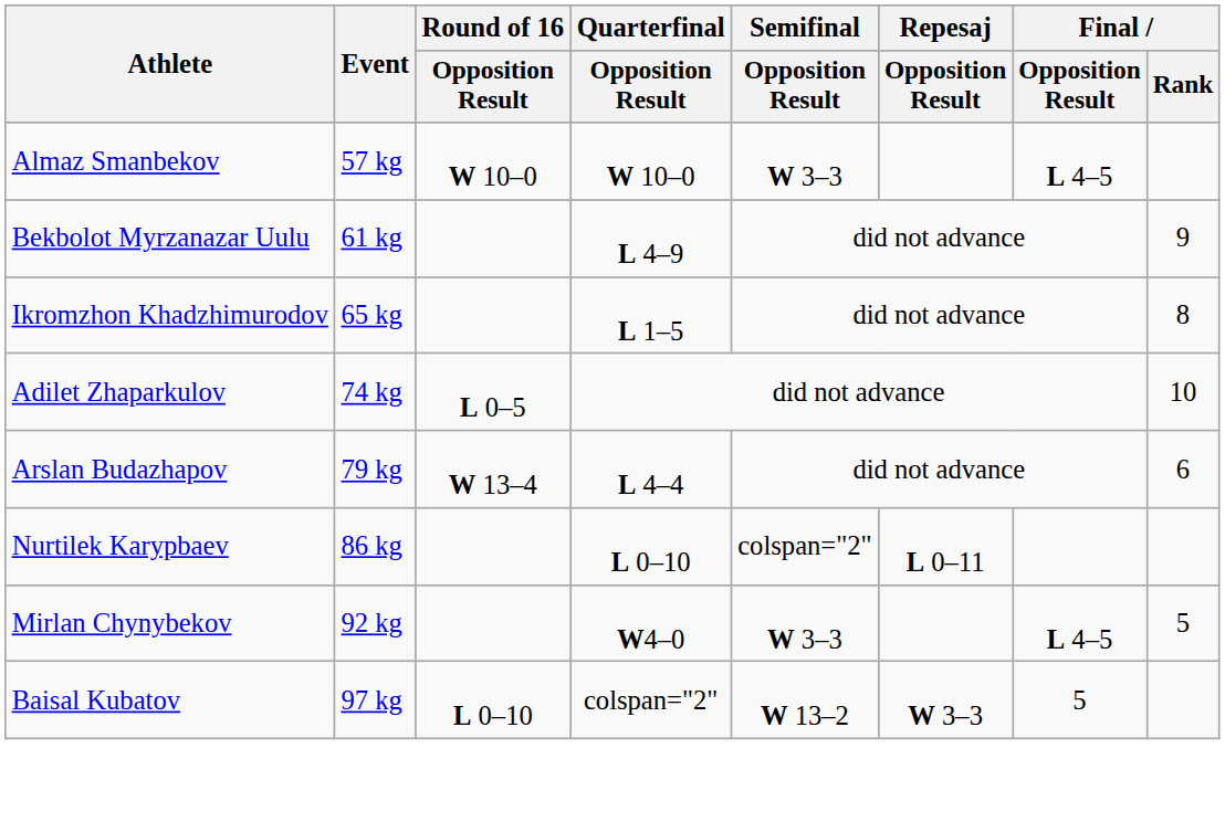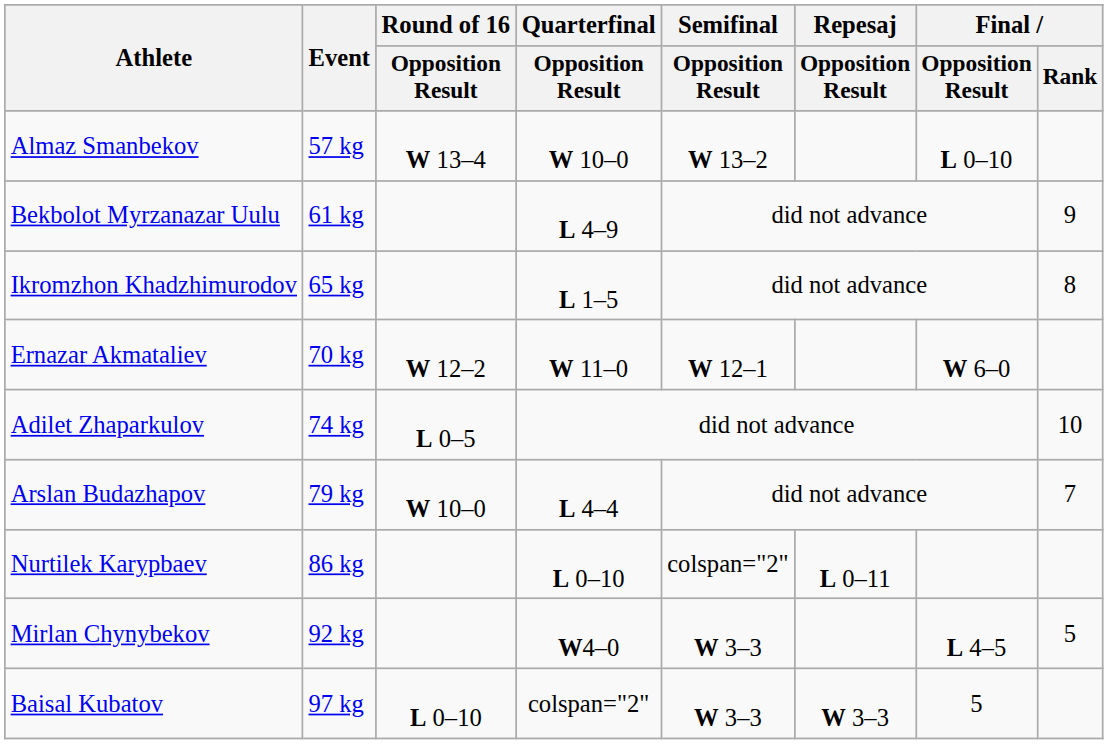 <table class=wikitable style=font-size:90%;text-align:center>
 <tr>
 <th rowspan=2>Athlete</th>
 <th rowspan=2>Event</th>
 <th>Round of 16</th>
 <th>Quarterfinal</th>
 <th>Semifinal</th>
 <th>Repesaj</th>
 <th colspan=2>Final / </th>
 </tr>
 <tr style=font-size:95%>
 <th>Opposition<br>Result</th>
 <th>Opposition<br>Result</th>
 <th>Opposition<br>Result</th>
 <th>Opposition<br>Result</th>
 <th>Opposition<br>Result</th>
 <th>Rank</th>
 </tr>
 <tr>
 <td align=left><a href='#'>Almaz Smanbekov</a></td>
 <td align=left><a href='#'>57 kg</a></td>
+<td><br><strong>W</strong> 13–4</td>
 <td><br><strong>W</strong> 10–0</td>
-<td><br><strong>W</strong> 10–0</td>
-<td><br><strong>W</strong> 3–3</td>
+<td><br><strong>W</strong> 13–2</td>
 <td></td>
-<td><br><strong>L</strong> 4–5</td>
+<td><br><strong>L</strong> 0–10</td>
 <td></td>
 </tr>
 <tr>
 <td align=left><a href='#'>Bekbolot Myrzanazar Uulu</a></td>
 <td align=left><a href='#'>61 kg</a></td>
 <td></td>
 <td><br><strong>L</strong> 4–9</td>
 <td colspan="3">did not advance</td>
 <td>9</td>
 </tr>
 <tr>
 <td align=left><a href='#'>Ikromzhon Khadzhimurodov</a></td>
 <td align=left><a href='#'>65 kg</a></td>
 <td></td>
 <td><br><strong>L</strong> 1–5</td>
 <td colspan="3">did not advance</td>
 <td>8</td>
 </tr>
 <tr>
+<td align=left><a href='#'>Ernazar Akmataliev</a></td>
+<td align=left><a href='#'>70 kg</a></td>
+<td><br><strong>W</strong> 12–2</td>
+<td><br><strong>W</strong> 11–0</td>
+<td><br><strong>W</strong> 12–1</td>
+<td></td>
+<td><br><strong>W</strong> 6–0</td>
+<td></td>
+</tr>
+<tr>
 <td align=left><a href='#'>Adilet Zhaparkulov</a></td>
 <td align=left><a href='#'>74 kg</a></td>
 <td><br><strong>L</strong> 0–5</td>
 <td colspan="4">did not advance</td>
 <td>10</td>
 </tr>
 <tr>
 <td align=left><a href='#'>Arslan Budazhapov</a></td>
 <td align=left><a href='#'>79 kg</a></td>
-<td><br><strong>W</strong> 13–4</td>
+<td><br><strong>W</strong> 10–0</td>
 <td><br><strong>L</strong> 4–4</td>
 <td colspan="3">did not advance</td>
-<td>6</td>
+<td>7</td>
 </tr>
 <tr>
 <td align=left><a href='#'>Nurtilek Karypbaev</a></td>
 <td align=left><a href='#'>86 kg</a></td>
 <td></td>
 <td><br><strong>L</strong> 0–10</td>
 <td>colspan="2" </td>
 <td><br><strong>L</strong> 0–11</td>
 <td></td>
 </tr>
 <tr>
 <td align=left><a href='#'>Mirlan Chynybekov</a></td>
 <td align=left><a href='#'>92 kg</a></td>
 <td></td>
 <td><br><strong>W</strong>4–0</td>
 <td><br><strong>W</strong> 3–3</td>
 <td></td>
 <td><br><strong>L</strong> 4–5</td>
 <td>5</td>
 </tr>
 <tr>
 <td align=left><a href='#'>Baisal Kubatov</a></td>
 <td align=left><a href='#'>97 kg</a></td>
 <td><br><strong>L</strong> 0–10</td>
 <td>colspan="2" </td>
-<td><br><strong>W</strong> 13–2</td>
+<td><br><strong>W</strong> 3–3</td>
 <td><br><strong>W</strong> 3–3</td>
 <td>5</td>
 </tr>
 </table>
